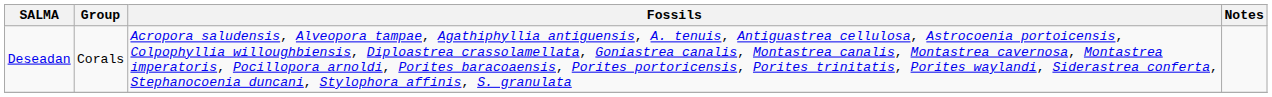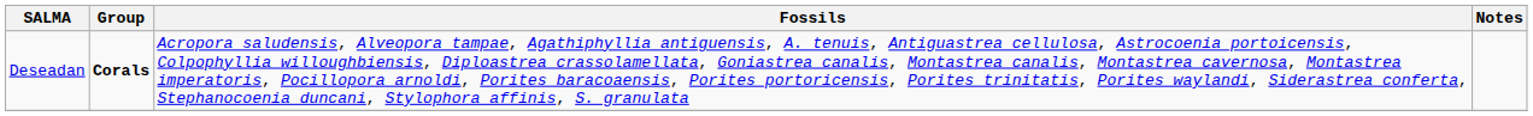 <table class="wikitable sortable">
 <tr>
 <th>SALMA</th>
 <th>Group</th>
 <th>Fossils</th>
 <th class=unsortable>Notes</th>
 </tr>
 <tr>
 <td style="background-color: "><a href='#'>Deseadan</a></td>
-<td>Corals</td>
+<td><strong>Corals</strong></td>
 <td><em><a href='#'>Acropora saludensis</a></em>, <em><a href='#'>Alveopora tampae</a></em>, <em><a href='#'>Agathiphyllia antiguensis</a></em>, <em><a href='#'>A. tenuis</a></em>, <em><a href='#'>Antiguastrea cellulosa</a></em>, <em><a href='#'>Astrocoenia portoicensis</a></em>, <em><a href='#'>Colpophyllia willoughbiensis</a></em>, <em><a href='#'>Diploastrea crassolamellata</a></em>, <em><a href='#'>Goniastrea canalis</a></em>, <em><a href='#'>Montastrea canalis</a></em>, <em><a href='#'>Montastrea cavernosa</a></em>, <em><a href='#'>Montastrea imperatoris</a></em>, <em><a href='#'>Pocillopora arnoldi</a></em>, <em><a href='#'>Porites baracoaensis</a></em>, <em><a href='#'>Porites portoricensis</a></em>, <em><a href='#'>Porites trinitatis</a></em>, <em><a href='#'>Porites waylandi</a></em>, <em><a href='#'>Siderastrea conferta</a></em>, <em><a href='#'>Stephanocoenia duncani</a></em>, <em><a href='#'>Stylophora affinis</a></em>, <em><a href='#'>S. granulata</a></em></td>
 <td></td>
 </tr>
 <tr>
 </tr>
 </table>
